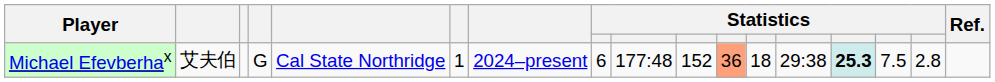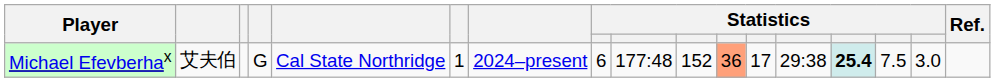 <table class="wikitable sortable" style="font-size:95%; text-align:right;">
 <tr>
 <th rowspan="2">Player</th>
 <th rowspan="2"></th>
 <th rowspan="2"></th>
 <th rowspan="2"></th>
 <th rowspan="2"></th>
 <th rowspan="2"></th>
 <th rowspan="2"></th>
 <th colspan="9">Statistics</th>
 <th rowspan="2">Ref.</th>
 </tr>
 <tr>
 <th></th>
 <th></th>
 <th></th>
 <th></th>
 <th></th>
 <th></th>
 <th></th>
 <th></th>
 <th></th>
 </tr>
 <tr>
 <td align="left" bgcolor="#CCFFCC"><u><a href='#'>Michael Efevberha</a></u><sup>x</sup></td>
 <td align="left">艾夫伯</td>
 <td align="center"></td>
 <td align="center">G</td>
 <td align="left"><a href='#'>Cal State Northridge</a></td>
 <td align="center">1</td>
 <td align="center"><a href='#'>2024–present</a></td>
 <td>6</td>
 <td>177:48</td>
 <td>152</td>
 <td style="background: lightsalmon;">36</td>
-<td>18</td>
+<td>17</td>
 <td>29:38</td>
-<td bgcolor="#CFECEC"><strong>25.3</strong></td>
+<td bgcolor="#CFECEC"><strong>25.4</strong></td>
 <td>7.5</td>
-<td>2.8</td>
+<td>3.0</td>
 <td align="center"></td>
 </tr>
 </table>
